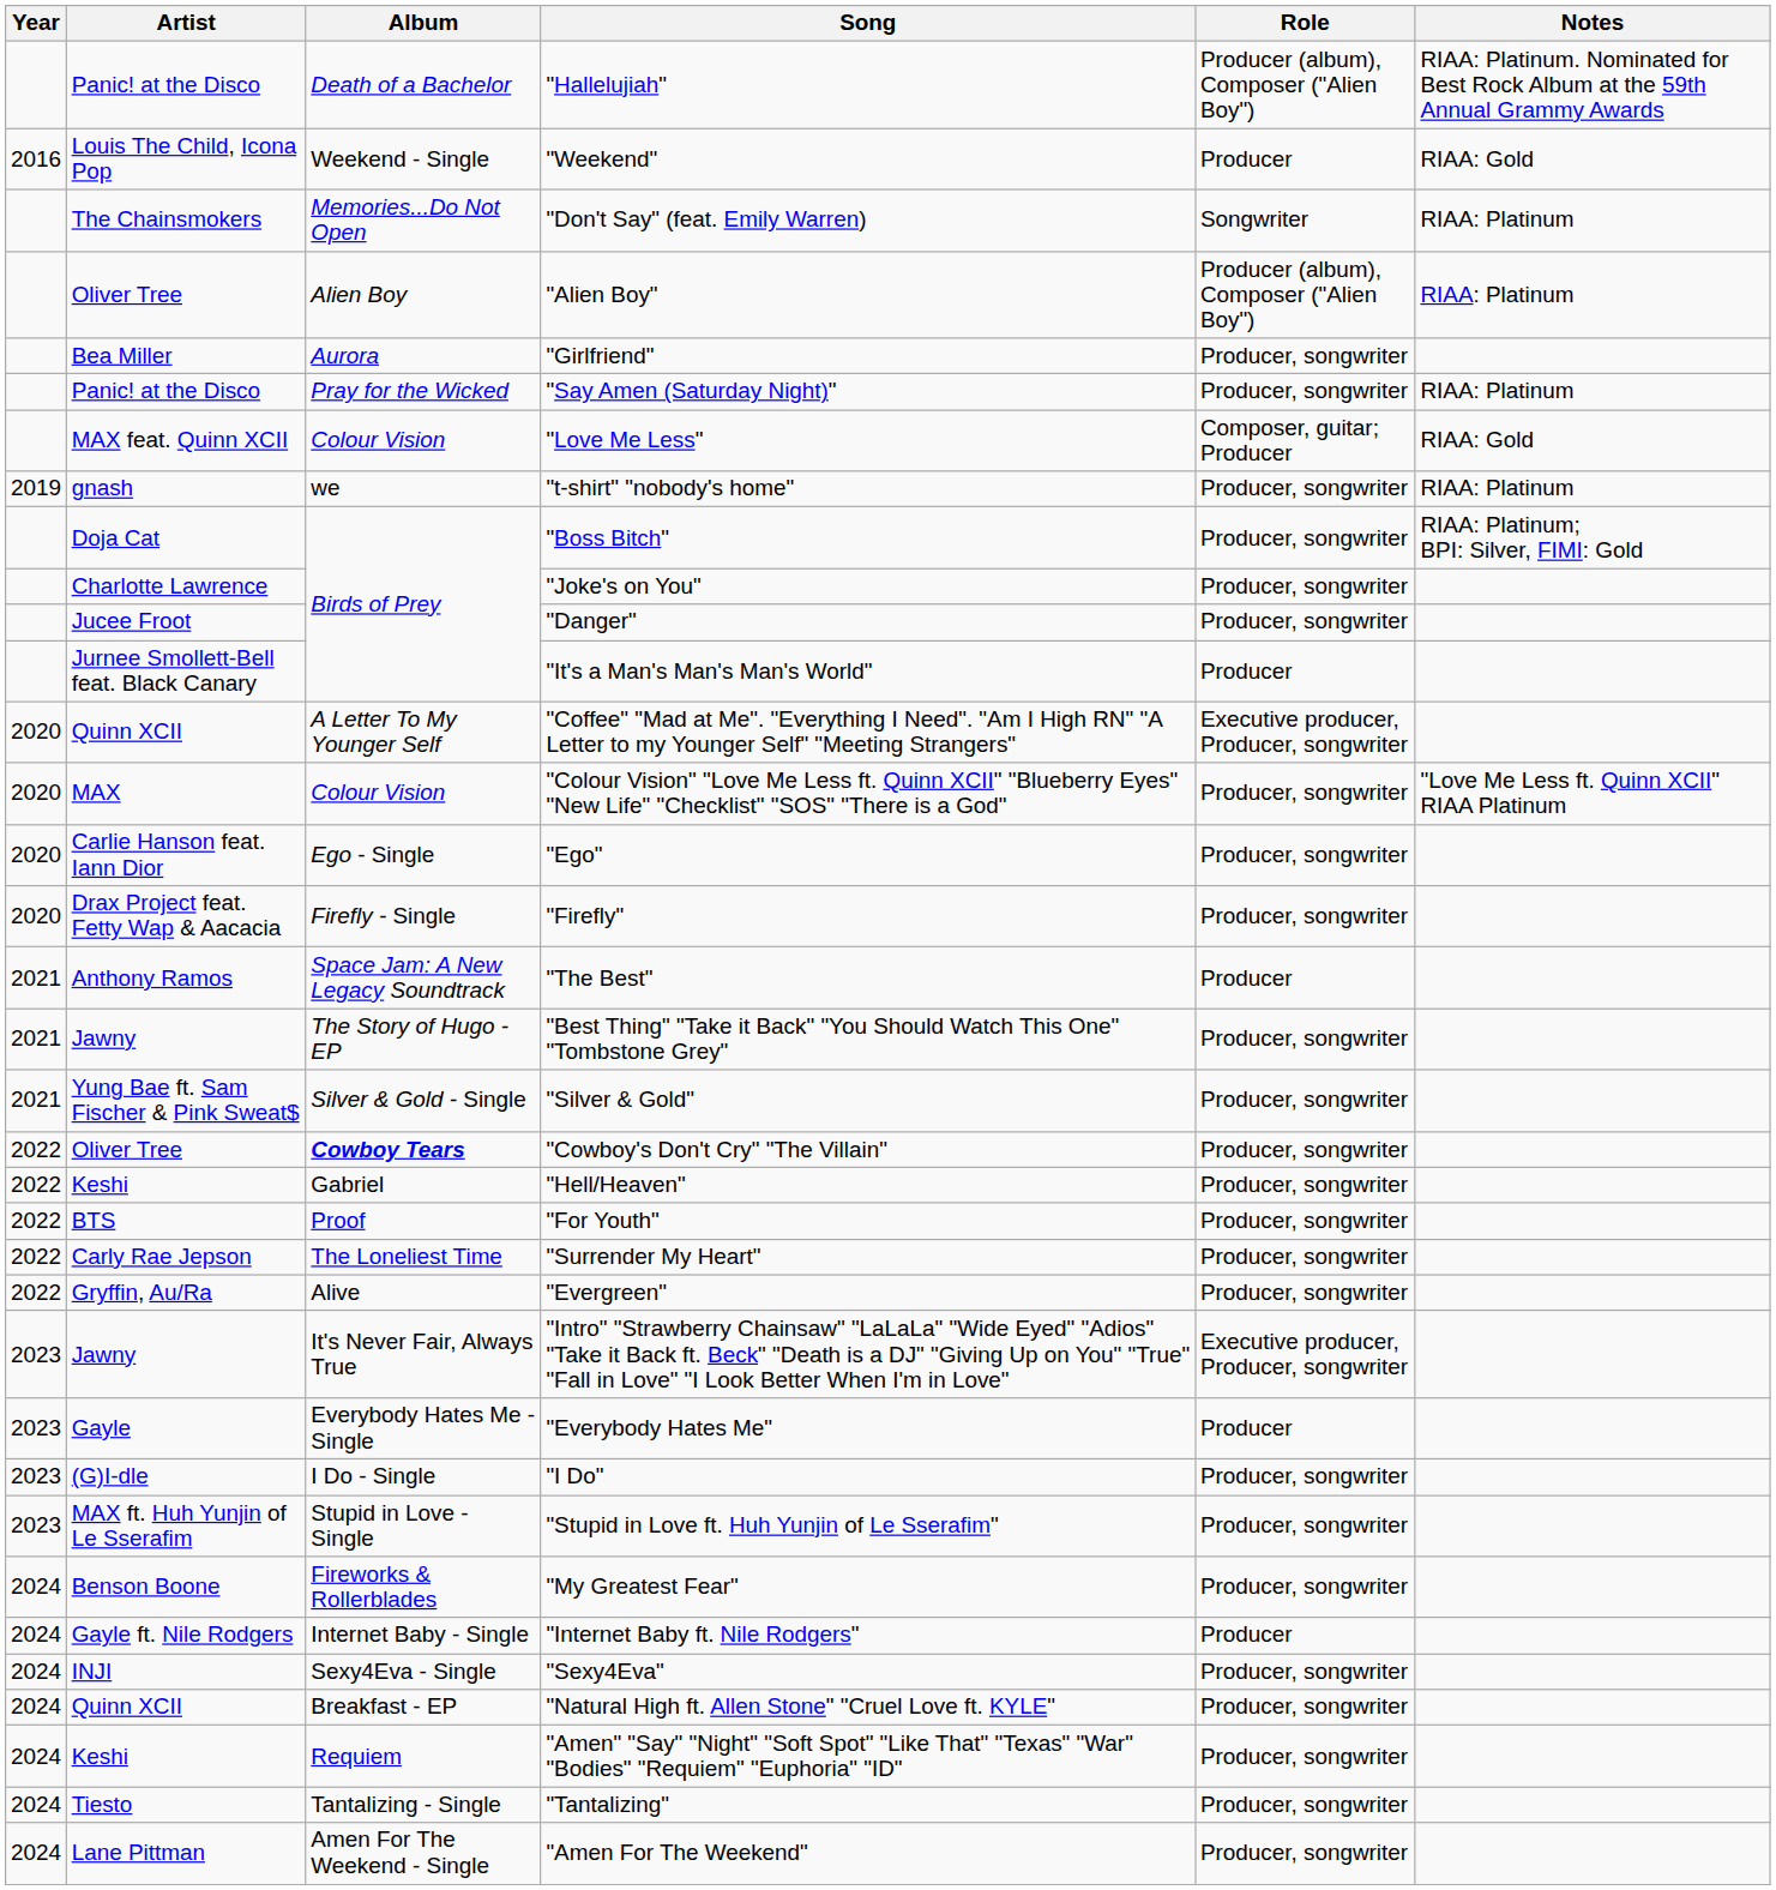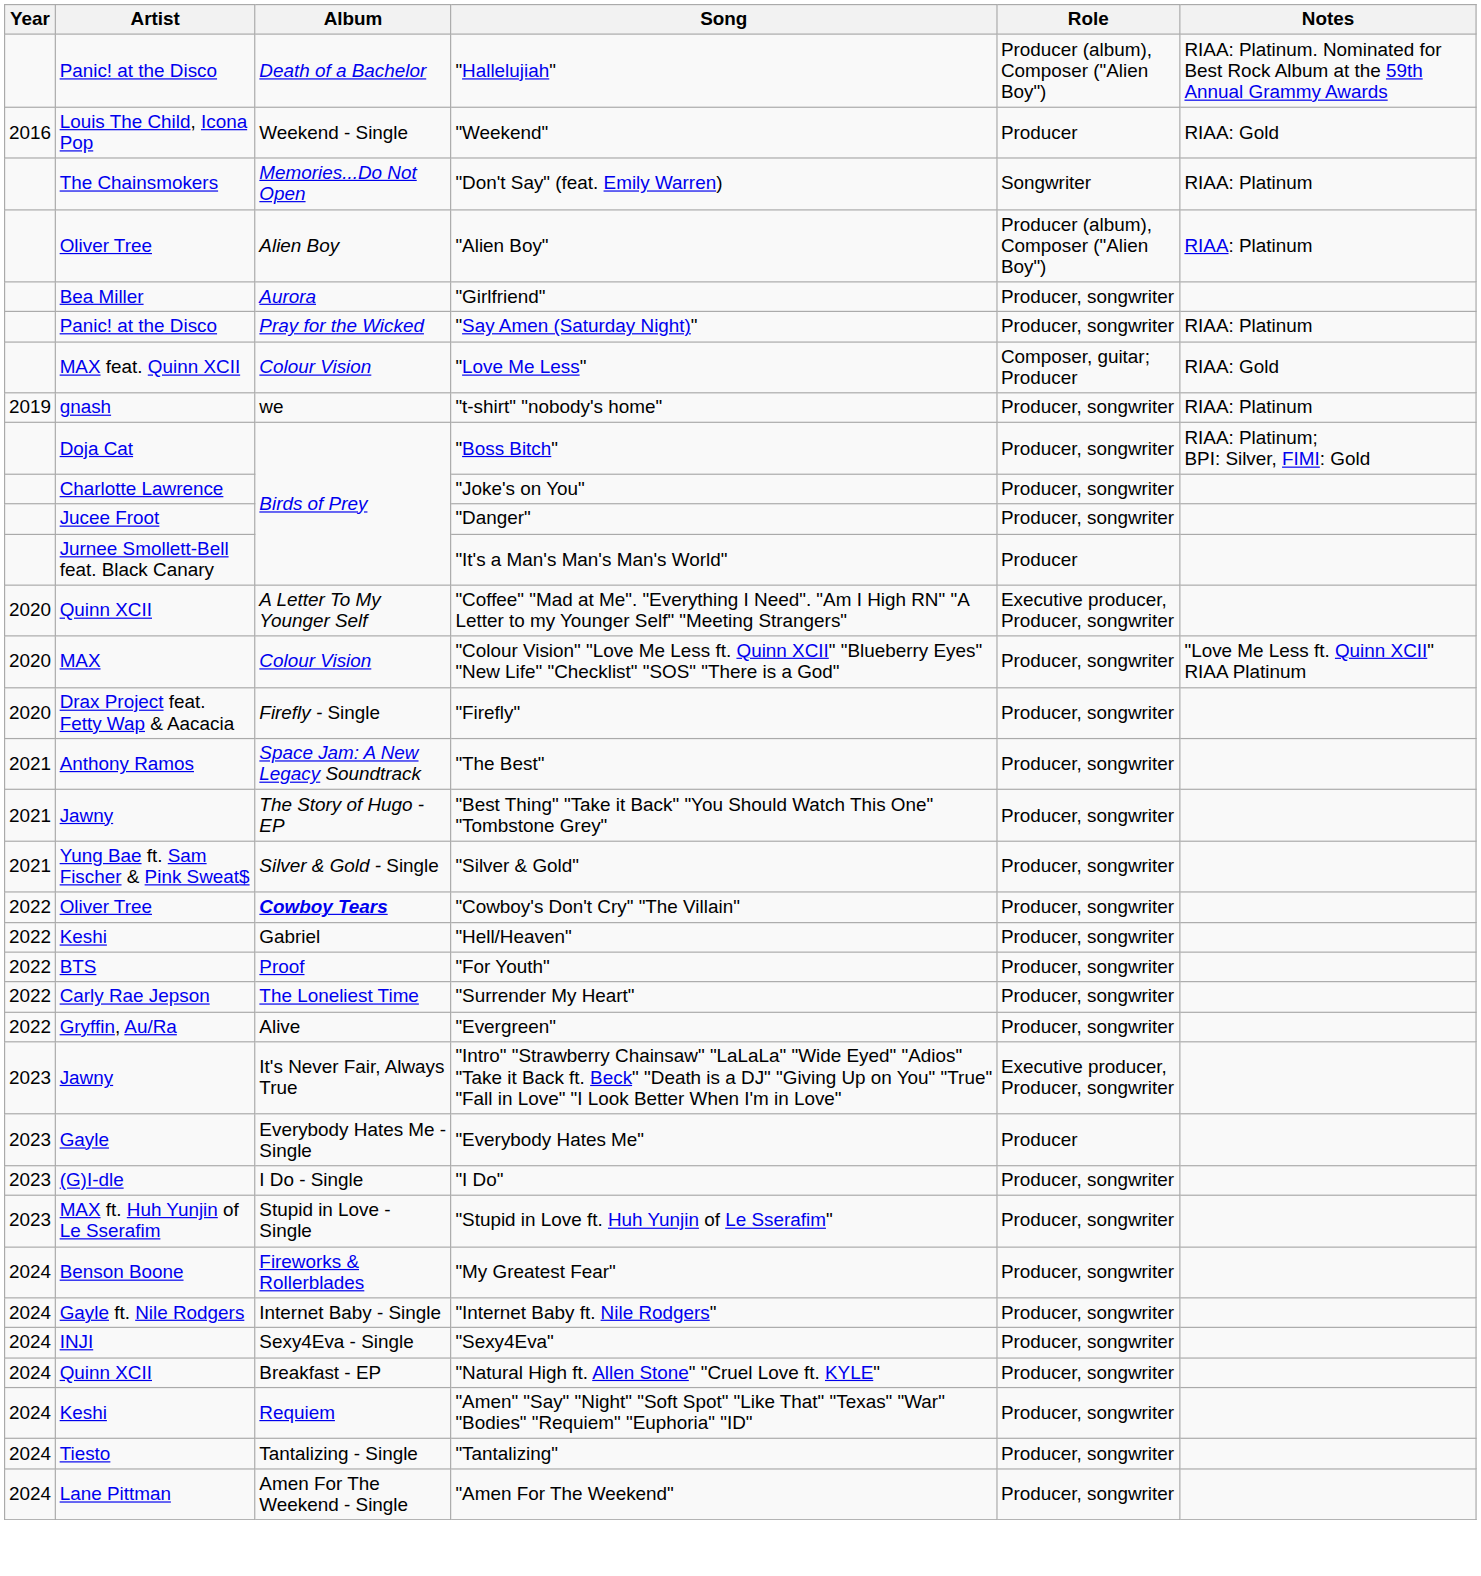 <table class="wikitable">
 <tr>
 <th>Year</th>
 <th>Artist</th>
 <th>Album</th>
 <th>Song</th>
 <th>Role</th>
 <th>Notes</th>
 </tr>
 <tr>
 <td></td>
 <td><a href='#'>Panic! at the Disco</a></td>
 <td><em><a href='#'>Death of a Bachelor</a></em></td>
 <td>"<a href='#'>Hallelujiah</a>"</td>
 <td>Producer (album), Composer ("Alien Boy")</td>
 <td>RIAA: Platinum. Nominated for Best Rock Album at the <a href='#'>59th Annual Grammy Awards</a></td>
 </tr>
 <tr>
 <td>2016</td>
 <td><a href='#'>Louis The Child</a>, <a href='#'>Icona Pop</a></td>
 <td>Weekend - Single</td>
 <td>"Weekend"</td>
 <td>Producer</td>
 <td>RIAA: Gold</td>
 </tr>
 <tr>
 <td></td>
 <td><a href='#'>The Chainsmokers</a></td>
 <td><em><a href='#'>Memories...Do Not Open</a></em></td>
 <td>"Don't Say" (feat. <a href='#'>Emily Warren</a>)</td>
 <td>Songwriter</td>
 <td>RIAA: Platinum</td>
 </tr>
 <tr>
 <td></td>
 <td><a href='#'>Oliver Tree</a></td>
 <td><em>Alien Boy</em></td>
 <td>"Alien Boy"</td>
 <td>Producer (album), Composer ("Alien Boy")</td>
 <td><a href='#'>RIAA</a>:  Platinum</td>
 </tr>
 <tr>
 <td></td>
 <td><a href='#'>Bea Miller</a></td>
 <td><em><a href='#'>Aurora</a></em></td>
 <td>"Girlfriend"</td>
 <td>Producer, songwriter</td>
 <td></td>
 </tr>
 <tr>
 <td></td>
 <td><a href='#'>Panic! at the Disco</a></td>
 <td><em><a href='#'>Pray for the Wicked</a></em></td>
 <td>"<a href='#'>Say Amen (Saturday Night)</a>"</td>
 <td>Producer, songwriter</td>
 <td>RIAA: Platinum</td>
 </tr>
 <tr>
 <td></td>
 <td><a href='#'>MAX</a> feat. <a href='#'>Quinn XCII</a></td>
 <td><em><a href='#'>Colour Vision</a></em></td>
 <td>"<a href='#'>Love Me Less</a>"</td>
 <td>Composer, guitar; Producer</td>
 <td>RIAA: Gold</td>
 </tr>
 <tr>
 <td>2019</td>
 <td><a href='#'>gnash</a></td>
 <td>we</td>
 <td>"t-shirt"                              "nobody's home"</td>
 <td>Producer, songwriter</td>
 <td>RIAA: Platinum</td>
 </tr>
 <tr>
 <td></td>
 <td><a href='#'>Doja Cat</a></td>
 <td rowspan="4"><em><a href='#'>Birds of Prey</a></em></td>
 <td>"<a href='#'>Boss Bitch</a>"</td>
 <td>Producer, songwriter</td>
 <td>RIAA: Platinum;<br>BPI: Silver,  <a href='#'>FIMI</a>: Gold</td>
 </tr>
 <tr>
 <td></td>
 <td><a href='#'>Charlotte Lawrence</a></td>
 <td>"Joke's on You"</td>
 <td>Producer, songwriter</td>
 <td></td>
 </tr>
 <tr>
 <td></td>
 <td><a href='#'>Jucee Froot</a></td>
 <td>"Danger"</td>
 <td>Producer, songwriter</td>
 <td></td>
 </tr>
 <tr>
 <td></td>
 <td><a href='#'>Jurnee Smollett-Bell</a> feat. Black Canary</td>
 <td>"It's a Man's Man's Man's World"</td>
 <td>Producer</td>
 <td></td>
 </tr>
 <tr>
 <td>2020</td>
 <td><a href='#'>Quinn XCII</a></td>
 <td><em>A Letter To My Younger Self</em></td>
 <td>"Coffee"                                    "Mad at Me".                   "Everything I Need".                   "Am I High RN"                             "A Letter to my Younger Self" "Meeting Strangers"</td>
 <td>Executive producer, Producer, songwriter</td>
 <td></td>
 </tr>
 <tr>
 <td>2020</td>
 <td><a href='#'>MAX</a></td>
 <td><em><a href='#'>Colour Vision</a></em></td>
 <td>"Colour Vision"                         "Love Me Less ft. <a href='#'>Quinn XCII</a>"                "Blueberry Eyes"                      "New Life"                        "Checklist"                              "SOS"                                     "There is a God"</td>
 <td>Producer, songwriter</td>
 <td>"Love Me Less ft. <a href='#'>Quinn XCII</a>"  RIAA Platinum</td>
 </tr>
 <tr>
 <td>2020</td>
-<td><a href='#'>Carlie Hanson</a> feat. <a href='#'>Iann Dior</a></td>
-<td><em>Ego</em> - Single</td>
-<td>"Ego"</td>
-<td>Producer, songwriter</td>
-<td></td>
-</tr>
-<tr>
-<td>2020</td>
 <td><a href='#'>Drax Project</a> feat. <a href='#'>Fetty Wap</a> & Aacacia</td>
 <td><em>Firefly -</em> Single</td>
 <td>"Firefly"</td>
 <td>Producer, songwriter</td>
 <td></td>
 </tr>
 <tr>
 <td>2021</td>
 <td><a href='#'>Anthony Ramos</a></td>
 <td><em><a href='#'>Space Jam: A New Legacy</a> Soundtrack</em></td>
 <td>"The Best"</td>
-<td>Producer</td>
+<td>Producer, songwriter</td>
 <td></td>
 </tr>
 <tr>
 <td>2021</td>
 <td><a href='#'>Jawny</a></td>
 <td><em>The Story of Hugo - EP</em></td>
 <td>"Best Thing"                             "Take it Back"                            "You Should Watch This One"    "Tombstone Grey"</td>
 <td>Producer, songwriter</td>
 <td></td>
 </tr>
 <tr>
 <td>2021</td>
 <td><a href='#'>Yung Bae</a> ft. <a href='#'>Sam Fischer</a> & <a href='#'>Pink Sweat$</a></td>
 <td><em>Silver & Gold -</em> Single</td>
 <td>"Silver & Gold"</td>
 <td>Producer, songwriter</td>
 <td></td>
 </tr>
 <tr>
 <td>2022</td>
 <td><a href='#'>Oliver Tree</a></td>
 <td><strong><em><a href='#'>Cowboy Tears</a></em></strong></td>
 <td>"Cowboy's Don't Cry"                "The Villain"</td>
 <td>Producer, songwriter</td>
 <td></td>
 </tr>
 <tr>
 <td>2022</td>
 <td><a href='#'>Keshi</a></td>
 <td>Gabriel</td>
 <td>"Hell/Heaven"</td>
 <td>Producer, songwriter</td>
 <td></td>
 </tr>
 <tr>
 <td>2022</td>
 <td><a href='#'>BTS</a></td>
 <td><a href='#'>Proof</a></td>
 <td>"For Youth"</td>
 <td>Producer, songwriter</td>
 <td></td>
 </tr>
 <tr>
 <td>2022</td>
 <td><a href='#'>Carly Rae Jepson</a></td>
 <td><a href='#'>The Loneliest Time</a></td>
 <td>"Surrender My Heart"</td>
 <td>Producer, songwriter</td>
 <td></td>
 </tr>
 <tr>
 <td>2022</td>
 <td><a href='#'>Gryffin</a>, <a href='#'>Au/Ra</a></td>
 <td>Alive</td>
 <td>"Evergreen"</td>
 <td>Producer, songwriter</td>
 <td></td>
 </tr>
 <tr>
 <td>2023</td>
 <td><a href='#'>Jawny</a></td>
 <td>It's Never Fair, Always True</td>
 <td>"Intro"  "Strawberry Chainsaw"  "LaLaLa"  "Wide Eyed"                          "Adios"  "Take it Back ft. <a href='#'>Beck</a>"  "Death is a DJ"  "Giving Up on You"  "True"  "Fall in Love"  "I Look Better When I'm in Love"</td>
 <td>Executive producer, Producer, songwriter</td>
 <td></td>
 </tr>
 <tr>
 <td>2023</td>
 <td><a href='#'>Gayle</a></td>
 <td>Everybody Hates Me - Single</td>
 <td>"Everybody Hates Me"</td>
 <td>Producer</td>
 <td></td>
 </tr>
 <tr>
 <td>2023</td>
 <td><a href='#'>(G)I-dle</a></td>
 <td>I Do - Single</td>
 <td>"I Do"</td>
 <td>Producer, songwriter</td>
 <td></td>
 </tr>
 <tr>
 <td>2023</td>
 <td><a href='#'>MAX</a> ft. <a href='#'>Huh Yunjin</a> of <a href='#'>Le Sserafim</a></td>
 <td>Stupid in Love - Single</td>
 <td>"Stupid in Love ft. <a href='#'>Huh Yunjin</a> of <a href='#'>Le Sserafim</a>"</td>
 <td>Producer, songwriter</td>
 <td></td>
 </tr>
 <tr>
 <td>2024</td>
 <td><a href='#'>Benson Boone</a></td>
 <td><a href='#'>Fireworks & Rollerblades</a></td>
 <td>"My Greatest Fear"</td>
 <td>Producer, songwriter</td>
 <td></td>
 </tr>
 <tr>
 <td>2024</td>
 <td><a href='#'>Gayle</a> ft. <a href='#'>Nile Rodgers</a></td>
 <td>Internet Baby - Single</td>
 <td>"Internet Baby ft. <a href='#'>Nile Rodgers</a>"</td>
-<td>Producer</td>
+<td>Producer, songwriter</td>
 <td></td>
 </tr>
 <tr>
 <td>2024</td>
 <td><a href='#'>INJI</a></td>
 <td>Sexy4Eva - Single</td>
 <td>"Sexy4Eva"</td>
 <td>Producer, songwriter</td>
 <td></td>
 </tr>
 <tr>
 <td>2024</td>
 <td><a href='#'>Quinn XCII</a></td>
 <td>Breakfast - EP</td>
 <td>"Natural High ft. <a href='#'>Allen Stone</a>"          "Cruel Love ft. <a href='#'>KYLE</a>"</td>
 <td>Producer, songwriter</td>
 <td></td>
 </tr>
 <tr>
 <td>2024</td>
 <td><a href='#'>Keshi</a></td>
 <td><a href='#'>Requiem</a></td>
 <td>"Amen"  "Say"  "Night"  "Soft Spot"  "Like That"  "Texas"  "War" "Bodies"  "Requiem"  "Euphoria"  "ID"</td>
 <td>Producer, songwriter</td>
 <td></td>
 </tr>
 <tr>
 <td>2024</td>
 <td><a href='#'>Tiesto</a></td>
 <td>Tantalizing - Single</td>
 <td>"Tantalizing"</td>
 <td>Producer, songwriter</td>
 <td></td>
 </tr>
 <tr>
 <td>2024</td>
 <td><a href='#'>Lane Pittman</a></td>
 <td>Amen For The Weekend - Single</td>
 <td>"Amen For The Weekend"</td>
 <td>Producer, songwriter</td>
 <td></td>
 </tr>
 </table>
